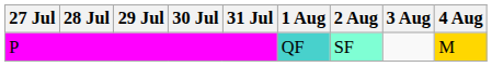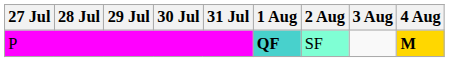 <table class="wikitable olympic-schedule Badminton">
 <tr>
 <th>27 Jul</th>
 <th>28 Jul</th>
 <th>29 Jul</th>
 <th>30 Jul</th>
 <th>31 Jul</th>
 <th>1 Aug</th>
 <th>2 Aug</th>
 <th>3 Aug</th>
 <th>4 Aug</th>
 </tr>
 <tr>
 <td class="event" colspan=5 bgcolor="#FF00FF" class="prelims">P</td>
-<td bgcolor="#48D1CC" class="quarterfinals">QF</td>
+<td bgcolor="#48D1CC" class="quarterfinals"><strong>QF</strong></td>
 <td bgcolor="#7FFFD4" class="semifinals">SF</td>
 <td></td>
-<td bgcolor="gold" class="finals">M</td>
+<td bgcolor="gold" class="finals"><strong>M</strong></td>
 </tr>
 </table>
